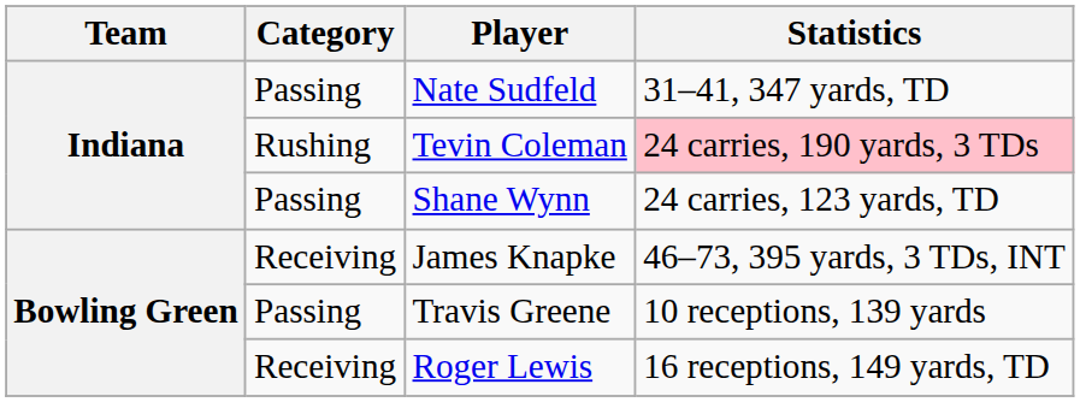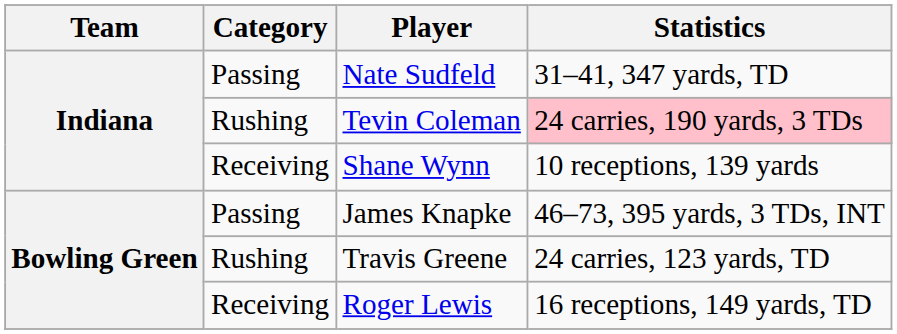 <table class="wikitable" style="float:right">
 <tr>
 <th>Team</th>
 <th>Category</th>
 <th>Player</th>
 <th>Statistics</th>
 </tr>
 <tr>
 <th rowspan=3>Indiana</th>
 <td>Passing</td>
 <td><a href='#'>Nate Sudfeld</a></td>
 <td>31–41, 347 yards, TD</td>
 </tr>
 <tr>
 <td>Rushing</td>
 <td><a href='#'>Tevin Coleman</a></td>
 <td style="background: pink;">24 carries, 190 yards, 3 TDs</td>
 </tr>
 <tr>
-<td>Passing</td>
+<td>Receiving</td>
 <td><a href='#'>Shane Wynn</a></td>
-<td>24 carries, 123 yards, TD</td>
+<td>10 receptions, 139 yards</td>
 </tr>
 <tr>
 <th rowspan=3>Bowling Green</th>
-<td>Receiving</td>
+<td>Passing</td>
 <td>James Knapke</td>
 <td>46–73, 395 yards, 3 TDs, INT</td>
 </tr>
 <tr>
-<td>Passing</td>
+<td>Rushing</td>
 <td>Travis Greene</td>
-<td>10 receptions, 139 yards</td>
+<td>24 carries, 123 yards, TD</td>
 </tr>
 <tr>
 <td>Receiving</td>
 <td><a href='#'>Roger Lewis</a></td>
 <td>16 receptions, 149 yards, TD</td>
 </tr>
 </table>
